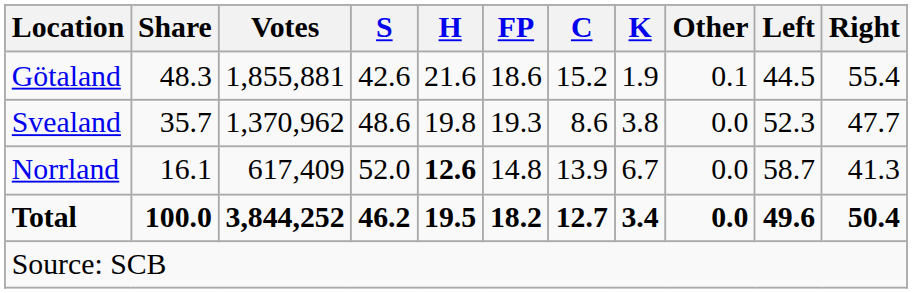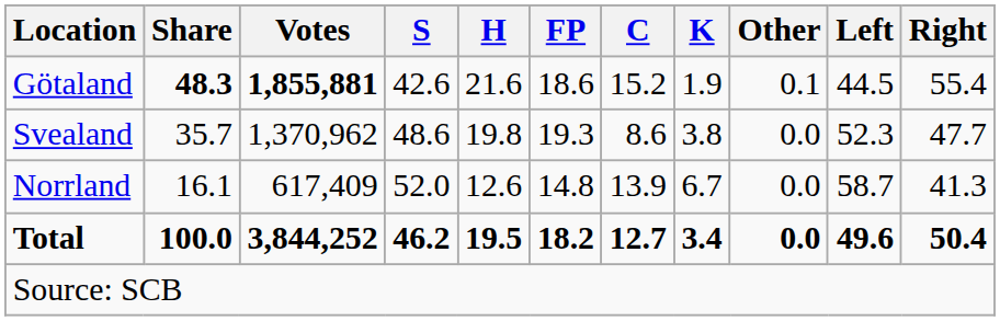 <table class="wikitable sortable" style=text-align:right>
 <tr>
 <th>Location</th>
 <th>Share</th>
 <th>Votes</th>
 <th><a href='#'>S</a></th>
 <th><a href='#'>H</a></th>
 <th><a href='#'>FP</a></th>
 <th><a href='#'>C</a></th>
 <th><a href='#'>K</a></th>
 <th>Other</th>
 <th>Left</th>
 <th>Right</th>
 </tr>
 <tr>
 <td align=left><a href='#'>Götaland</a></td>
-<td>48.3</td>
-<td>1,855,881</td>
+<td><strong>48.3</strong></td>
+<td><strong>1,855,881</strong></td>
 <td>42.6</td>
 <td>21.6</td>
 <td>18.6</td>
 <td>15.2</td>
 <td>1.9</td>
 <td>0.1</td>
 <td>44.5</td>
 <td>55.4</td>
 </tr>
 <tr>
 <td align=left><a href='#'>Svealand</a></td>
 <td>35.7</td>
 <td>1,370,962</td>
 <td>48.6</td>
 <td>19.8</td>
 <td>19.3</td>
 <td>8.6</td>
 <td>3.8</td>
 <td>0.0</td>
 <td>52.3</td>
 <td>47.7</td>
 </tr>
 <tr>
 <td align=left><a href='#'>Norrland</a></td>
 <td>16.1</td>
 <td>617,409</td>
 <td>52.0</td>
-<td><strong>12.6</strong></td>
+<td>12.6</td>
 <td>14.8</td>
 <td>13.9</td>
 <td>6.7</td>
 <td>0.0</td>
 <td>58.7</td>
 <td>41.3</td>
 </tr>
 <tr>
 <td align=left><strong>Total</strong></td>
 <td><strong>100.0</strong></td>
 <td><strong>3,844,252</strong></td>
 <td><strong>46.2</strong></td>
 <td><strong>19.5</strong></td>
 <td><strong>18.2</strong></td>
 <td><strong>12.7</strong></td>
 <td><strong>3.4</strong></td>
 <td><strong>0.0</strong></td>
 <td><strong>49.6</strong></td>
 <td><strong>50.4</strong></td>
 </tr>
 <tr>
 <td align=left colspan=11>Source: SCB </td>
 </tr>
 </table>
